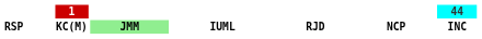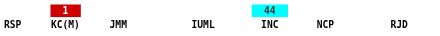 <table style="width:100%; text-align:center;">
 <tr style="color:white;">
 <td style="background:"><strong>1</strong></td>
 <td style="background:#c00; width:0.18%;"><strong>1</strong></td>
 <td style="background:"><strong>2</strong></td>
 <td style="background:"><strong>2</strong></td>
+<td style="background:aqua; color:#333; width:8.0%;"><strong>44</strong></td>
+<td style="background:"><strong>6</strong></td>
 <td style="background:"><strong>4</strong></td>
-<td style="background:"><strong>6</strong></td>
-<td style="background:aqua; color:#333; width:8.0%;"><strong>44</strong></td>
 </tr>
 <tr>
 <td><span><strong>RSP</strong></span></td>
 <td><span><strong>KC(M)</strong></span></td>
-<td style="background: lightgreen;"><span><strong>JMM</strong></span></td>
+<td><span><strong>JMM</strong></span></td>
 <td><span><strong>IUML</strong></span></td>
+<td><span><strong>INC</strong></span></td>
+<td><span><strong>NCP</strong></span></td>
 <td><span><strong>RJD</strong></span></td>
-<td><span><strong>NCP</strong></span></td>
-<td><span><strong>INC</strong></span></td>
 </tr>
 </table>
